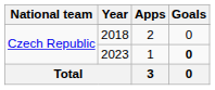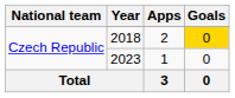 <table class="wikitable" style="text-align:center">
 <tr>
 <th>National team</th>
 <th>Year</th>
 <th>Apps</th>
 <th>Goals</th>
 </tr>
 <tr>
 <td rowspan=3><a href='#'>Czech Republic</a></td>
 </tr>
 <tr>
 <td>2018</td>
 <td>2</td>
-<td>0</td>
+<td style="background: gold;">0</td>
 </tr>
 <tr>
 <td>2023</td>
 <td>1</td>
-<td><strong>0</strong></td>
+<td>0</td>
 </tr>
 <tr>
 <th colspan="2">Total</th>
 <th>3</th>
 <th>0</th>
 </tr>
 </table>
